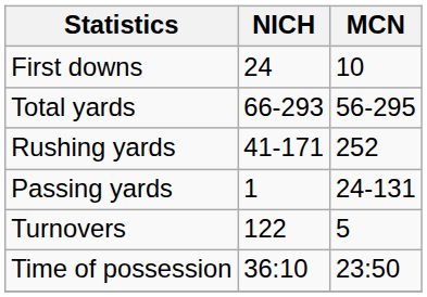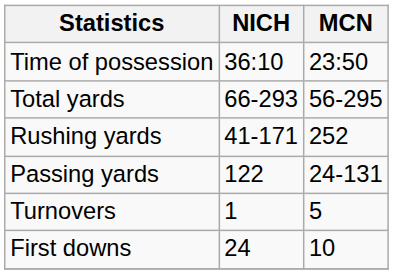 <table class="wikitable" style="float: left;">
 <tr>
 <th>Statistics</th>
 <th>NICH</th>
 <th>MCN</th>
 </tr>
 <tr>
-<td>First downs</td>
-<td>24</td>
-<td>10</td>
+<td>Time of possession</td>
+<td>36:10</td>
+<td>23:50</td>
 </tr>
 <tr>
 <td>Total yards</td>
 <td>66-293</td>
 <td>56-295</td>
 </tr>
 <tr>
 <td>Rushing yards</td>
 <td>41-171</td>
 <td>252</td>
 </tr>
 <tr>
 <td>Passing yards</td>
-<td>1</td>
+<td>122</td>
 <td>24-131</td>
 </tr>
 <tr>
 <td>Turnovers</td>
-<td>122</td>
+<td>1</td>
 <td>5</td>
 </tr>
 <tr>
-<td>Time of possession</td>
-<td>36:10</td>
-<td>23:50</td>
+<td>First downs</td>
+<td>24</td>
+<td>10</td>
 </tr>
 <tr>
 </tr>
 </table>
